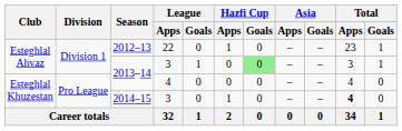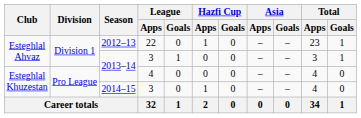 <table class="wikitable" style="text-align: center;">
 <tr>
 <th rowspan="2">Club</th>
 <th rowspan="2">Division</th>
 <th rowspan="2">Season</th>
 <th colspan="2">League</th>
 <th colspan="2"><a href='#'>Hazfi Cup</a></th>
 <th colspan="2"><a href='#'>Asia</a></th>
 <th colspan="2">Total</th>
 </tr>
 <tr>
 <th>Apps</th>
 <th>Goals</th>
 <th>Apps</th>
 <th>Goals</th>
 <th>Apps</th>
 <th>Goals</th>
 <th>Apps</th>
 <th>Goals</th>
 </tr>
 <tr>
 <td rowspan="2"><a href='#'>Esteghlal<br>Ahvaz</a></td>
 <td rowspan="2"><a href='#'>Division 1</a></td>
 <td><a href='#'>2012–13</a></td>
 <td>22</td>
 <td>0</td>
 <td>1</td>
 <td>0</td>
 <td>–</td>
 <td>–</td>
 <td>23</td>
 <td>1</td>
 </tr>
 <tr>
 <td rowspan="2"><a href='#'>2013</a>–<a href='#'>14</a></td>
 <td>3</td>
 <td>1</td>
 <td>0</td>
-<td style="background: lightgreen;">0</td>
+<td>0</td>
 <td>–</td>
 <td>–</td>
 <td>3</td>
 <td>1</td>
 </tr>
 <tr>
 <td rowspan="2"><a href='#'>Esteghlal<br>Khuzestan</a></td>
 <td rowspan="2"><a href='#'>Pro League</a></td>
 <td>4</td>
 <td>0</td>
 <td>0</td>
 <td>0</td>
 <td>–</td>
 <td>–</td>
 <td>4</td>
 <td>0</td>
 </tr>
 <tr>
 <td><a href='#'>2014–15</a></td>
 <td>3</td>
 <td>0</td>
 <td>1</td>
 <td>0</td>
 <td>–</td>
 <td>–</td>
-<td><strong>4</strong></td>
+<td>4</td>
 <td>0</td>
 </tr>
 <tr>
 <th colspan=3>Career totals</th>
 <th>32</th>
 <th>1</th>
 <th>2</th>
 <th>0</th>
 <th>0</th>
 <th>0</th>
 <th>34</th>
 <th>1</th>
 </tr>
 </table>
